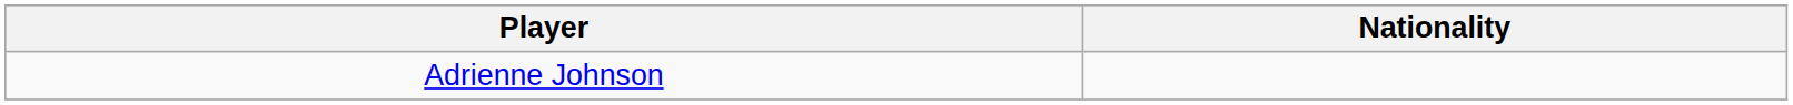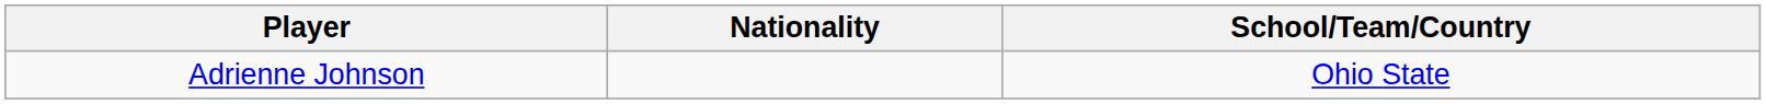 <table class="wikitable" style="text-align:center; width:60em">
 <tr>
 <th>Player</th>
 <th>Nationality</th>
+<th>School/Team/Country</th>
 </tr>
 <tr>
 <td><a href='#'>Adrienne Johnson</a></td>
 <td></td>
+<td><a href='#'>Ohio State</a></td>
 </tr>
 </table>
